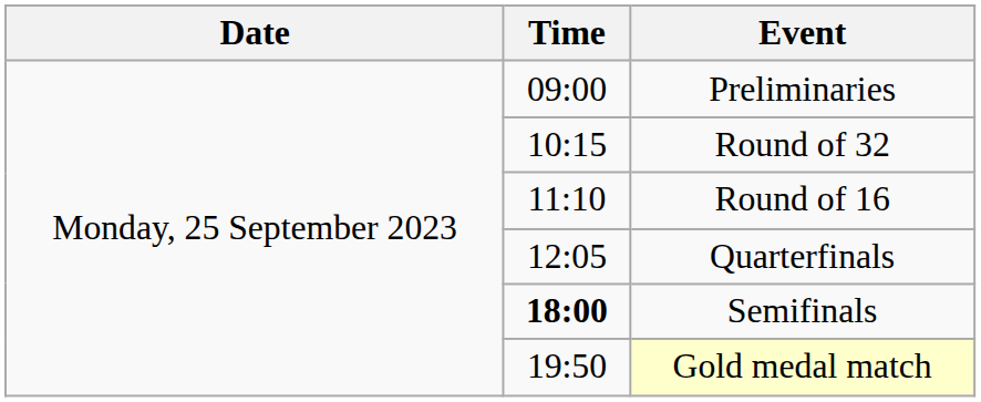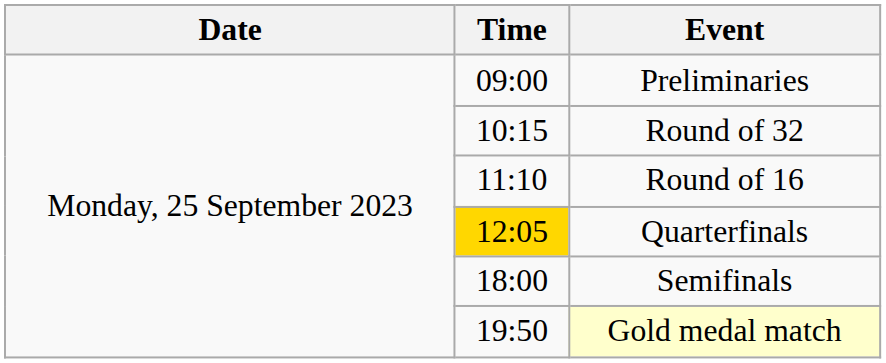 <table class = "wikitable" style="text-align:center;">
 <tr>
 <th width=220>Date</th>
 <th width=50>Time</th>
 <th width=150>Event</th>
 </tr>
 <tr>
 <td rowspan=6>Monday, 25 September 2023</td>
 <td>09:00</td>
 <td>Preliminaries</td>
 </tr>
 <tr>
 <td>10:15</td>
 <td>Round of 32</td>
 </tr>
 <tr>
 <td>11:10</td>
 <td>Round of 16</td>
 </tr>
 <tr>
-<td>12:05</td>
+<td style="background: gold;">12:05</td>
 <td>Quarterfinals</td>
 </tr>
 <tr>
-<td><strong>18:00</strong></td>
+<td>18:00</td>
 <td>Semifinals</td>
 </tr>
 <tr>
 <td>19:50</td>
 <td bgcolor=ffffcc>Gold medal match</td>
 </tr>
 </table>
